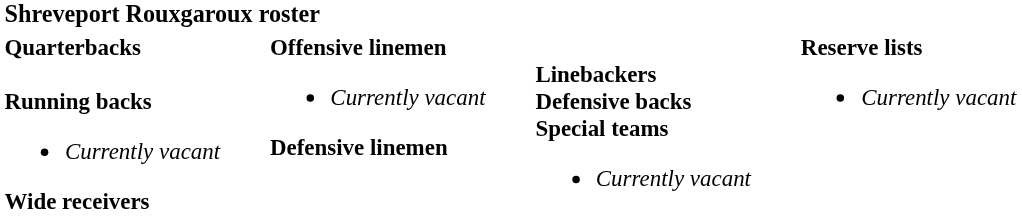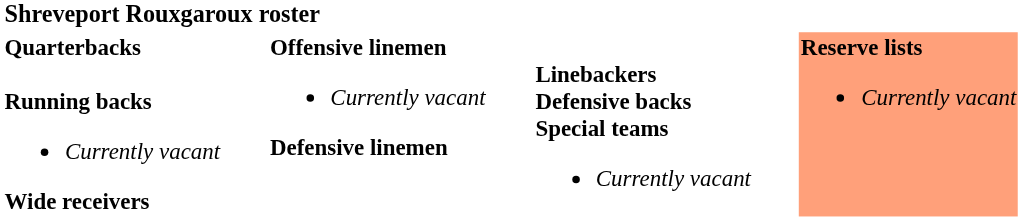 <table class="toccolours" style="text-align: left;" id="Roster">
 <tr>
 <th colspan="7">Shreveport Rouxgaroux roster</th>
 </tr>
 <tr>
 <td style="font-size: 95%;vertical-align:top;"><strong>Quarterbacks</strong><br><br><strong>Running backs</strong><ul><li><em>Currently vacant</em></li></ul><strong>Wide receivers</strong>   </td>
 <td style="width: 25px;"></td>
 <td style="font-size: 95%;vertical-align:top;"><strong>Offensive linemen</strong><br><ul><li><em>Currently vacant</em></li></ul><strong>Defensive linemen</strong> </td>
 <td style="width: 25px;"></td>
 <td style="font-size: 95%;vertical-align:top;"><br><strong>Linebackers</strong> <br><strong>Defensive backs</strong> <br><strong>Special teams</strong><ul><li><em>Currently vacant</em></li></ul></td>
 <td style="width: 25px;"></td>
-<td style="font-size: 95%;vertical-align:top;"><strong>Reserve lists</strong><br><ul><li><em>Currently vacant</em></li></ul></td>
+<td style="background: lightsalmon; font-size: 95%;vertical-align:top;"><strong>Reserve lists</strong><br><ul><li><em>Currently vacant</em></li></ul></td>
 </tr>
 <tr>
 </tr>
 </table>
